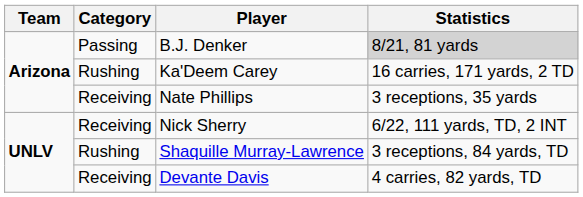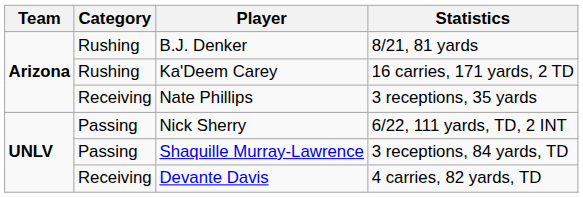 <table class="wikitable" style="float: right;">
 <tr>
 <th>Team</th>
 <th>Category</th>
 <th>Player</th>
 <th>Statistics</th>
 </tr>
 <tr>
 <td rowspan=3><strong>Arizona</strong></td>
-<td>Passing</td>
+<td>Rushing</td>
 <td>B.J. Denker</td>
-<td style="background: lightgrey;">8/21, 81 yards</td>
+<td>8/21, 81 yards</td>
 </tr>
 <tr>
 <td>Rushing</td>
 <td>Ka'Deem Carey</td>
 <td>16 carries, 171 yards, 2 TD</td>
 </tr>
 <tr>
 <td>Receiving</td>
 <td>Nate Phillips</td>
 <td>3 receptions, 35 yards</td>
 </tr>
 <tr>
 <td rowspan=3><strong>UNLV</strong></td>
-<td>Receiving</td>
+<td>Passing</td>
 <td>Nick Sherry</td>
 <td>6/22, 111 yards, TD, 2 INT</td>
 </tr>
 <tr>
-<td>Rushing</td>
+<td>Passing</td>
 <td><a href='#'>Shaquille Murray-Lawrence</a></td>
 <td>3 receptions, 84 yards, TD</td>
 </tr>
 <tr>
 <td>Receiving</td>
 <td><a href='#'>Devante Davis</a></td>
 <td>4 carries, 82 yards, TD</td>
 </tr>
 </table>
